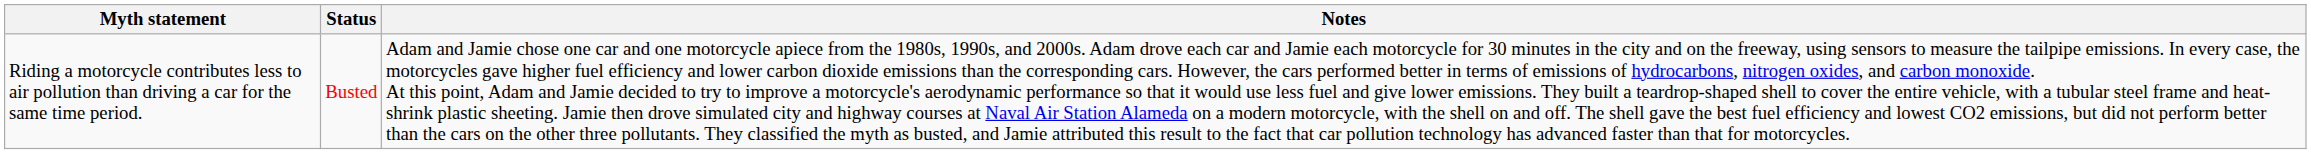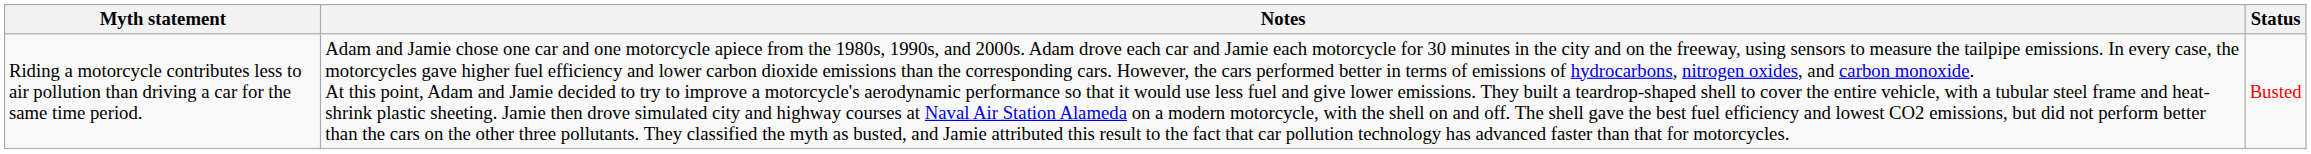 <table class="wikitable plainrowheaders">
 <tr>
 <th>Myth statement</th>
+<th>Notes</th>
 <th>Status</th>
-<th>Notes</th>
 </tr>
 <tr>
 <td>Riding a motorcycle contributes less to air pollution than driving a car for the same time period.</td>
+<td>Adam and Jamie chose one car and one motorcycle apiece from the 1980s, 1990s, and 2000s. Adam drove each car and Jamie each motorcycle for 30 minutes in the city and on the freeway, using sensors to measure the tailpipe emissions. In every case, the motorcycles gave higher fuel efficiency and lower carbon dioxide emissions than the corresponding cars. However, the cars performed better in terms of emissions of <a href='#'>hydrocarbons</a>, <a href='#'>nitrogen oxides</a>, and <a href='#'>carbon monoxide</a>.<br>At this point, Adam and Jamie decided to try to improve a motorcycle's aerodynamic performance so that it would use less fuel and give lower emissions. They built a teardrop-shaped shell to cover the entire vehicle, with a tubular steel frame and heat-shrink plastic sheeting. Jamie then drove simulated city and highway courses at <a href='#'>Naval Air Station Alameda</a> on a modern motorcycle, with the shell on and off. The shell gave the best fuel efficiency and lowest CO2 emissions, but did not perform better than the cars on the other three pollutants. They classified the myth as busted, and Jamie attributed this result to the fact that car pollution technology has advanced faster than that for motorcycles.</td>
 <td style="color:red">Busted</td>
-<td>Adam and Jamie chose one car and one motorcycle apiece from the 1980s, 1990s, and 2000s. Adam drove each car and Jamie each motorcycle for 30 minutes in the city and on the freeway, using sensors to measure the tailpipe emissions. In every case, the motorcycles gave higher fuel efficiency and lower carbon dioxide emissions than the corresponding cars. However, the cars performed better in terms of emissions of <a href='#'>hydrocarbons</a>, <a href='#'>nitrogen oxides</a>, and <a href='#'>carbon monoxide</a>.<br>At this point, Adam and Jamie decided to try to improve a motorcycle's aerodynamic performance so that it would use less fuel and give lower emissions. They built a teardrop-shaped shell to cover the entire vehicle, with a tubular steel frame and heat-shrink plastic sheeting. Jamie then drove simulated city and highway courses at <a href='#'>Naval Air Station Alameda</a> on a modern motorcycle, with the shell on and off. The shell gave the best fuel efficiency and lowest CO2 emissions, but did not perform better than the cars on the other three pollutants. They classified the myth as busted, and Jamie attributed this result to the fact that car pollution technology has advanced faster than that for motorcycles.</td>
 </tr>
 </table>
